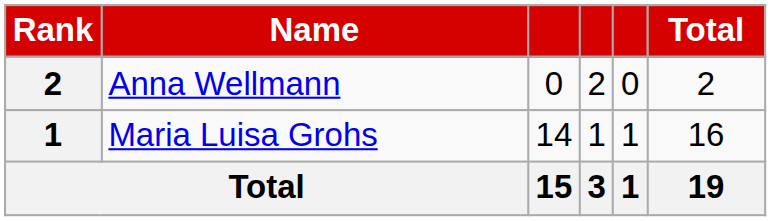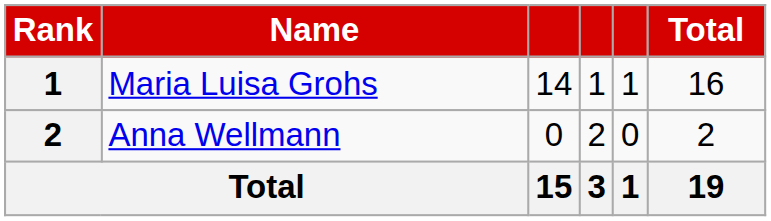 <table class="wikitable sortable" style="text-align:center; font-size:100%; ">
 <tr>
 <th style="background:#d50000; color:white; text-align:center; width:30;">Rank</th>
 <th style="background:#d50000; color:white; text-align:center; width:200px;">Name</th>
 <th style="background:#d50000; color:white; text-align:center;" colspan="1"><a href='#'></a></th>
 <th style="background:#d50000; color:white; text-align:center;" colspan="1"><a href='#'></a></th>
 <th style="background:#d50000; color:white; text-align:center;" colspan="1"><a href='#'></a></th>
 <th style="background:#d50000; color:white; text-align:center; width:50px;">Total</th>
 </tr>
 <tr>
+<th>1</th>
+<td align="left"> <a href='#'>Maria Luisa Grohs</a></td>
+<td>14</td>
+<td>1</td>
+<td>1</td>
+<td>16</td>
+</tr>
+<tr>
 <th>2</th>
 <td align="left"> <a href='#'>Anna Wellmann</a></td>
 <td>0</td>
 <td>2</td>
 <td>0</td>
 <td>2</td>
-</tr>
-<tr>
-<th>1</th>
-<td align="left"> <a href='#'>Maria Luisa Grohs</a></td>
-<td>14</td>
-<td>1</td>
-<td>1</td>
-<td>16</td>
 </tr>
 <tr>
 <th colspan="2">Total</th>
 <th>15</th>
 <th>3</th>
 <th>1</th>
 <th>19</th>
 </tr>
 </table>
